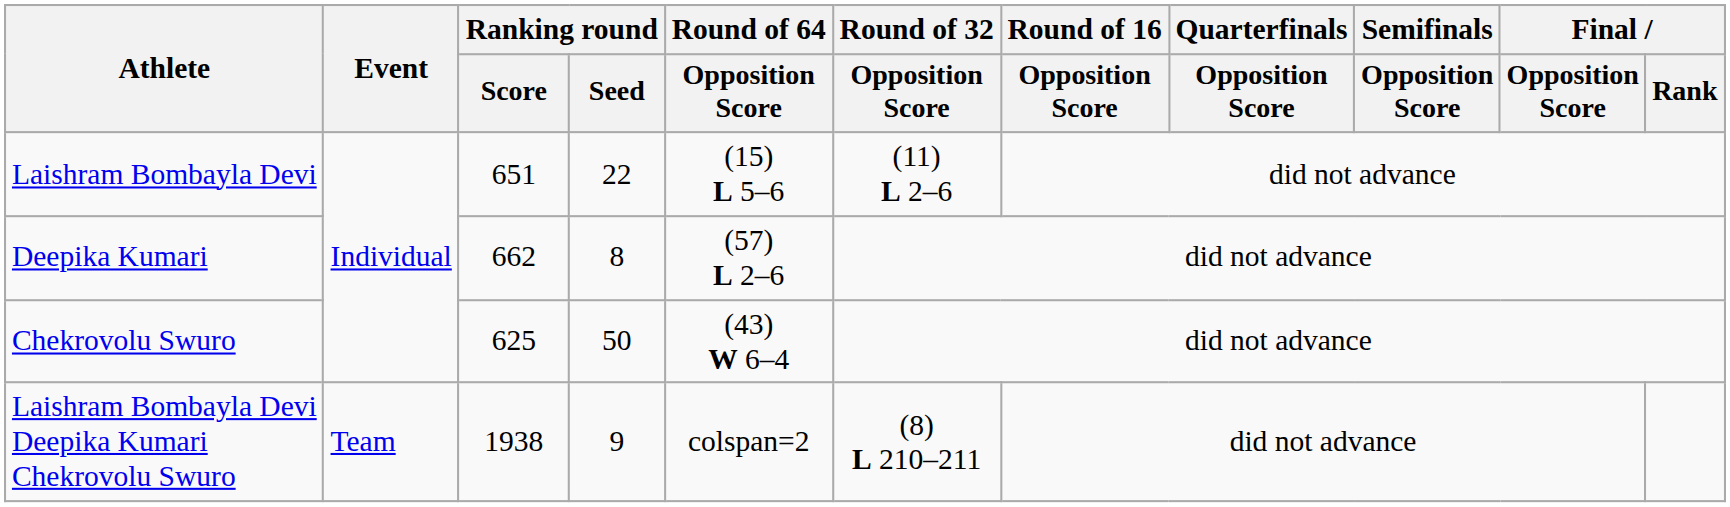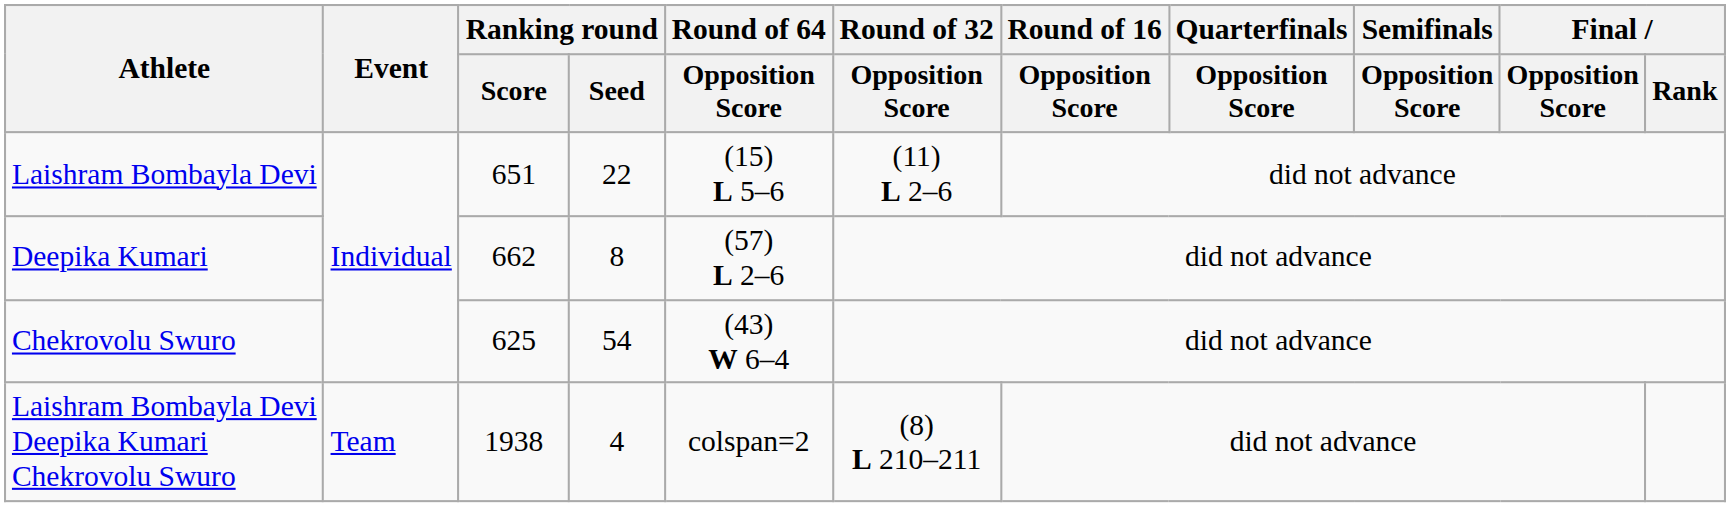 <table class="wikitable" style="font-size:90%">
 <tr>
 <th rowspan=2>Athlete</th>
 <th rowspan=2>Event</th>
 <th colspan="2">Ranking round</th>
 <th>Round of 64</th>
 <th>Round of 32</th>
 <th>Round of 16</th>
 <th>Quarterfinals</th>
 <th>Semifinals</th>
 <th colspan="2">Final / </th>
 </tr>
 <tr style="font-size:95%">
 <th>Score</th>
 <th>Seed</th>
 <th>Opposition<br>Score</th>
 <th>Opposition<br>Score</th>
 <th>Opposition<br>Score</th>
 <th>Opposition<br>Score</th>
 <th>Opposition<br>Score</th>
 <th>Opposition<br>Score</th>
 <th>Rank</th>
 </tr>
 <tr align=center>
 <td align=left><a href='#'>Laishram Bombayla Devi</a></td>
 <td style="text-align:left;" rowspan="3"><a href='#'>Individual</a></td>
 <td>651</td>
 <td>22</td>
 <td> (15) <br><strong>L</strong> 5–6</td>
 <td> (11)<br><strong>L</strong> 2–6</td>
 <td colspan=5>did not advance</td>
 </tr>
 <tr align=center>
 <td align=left><a href='#'>Deepika Kumari</a></td>
 <td>662</td>
 <td>8</td>
 <td> (57) <br><strong>L</strong> 2–6</td>
 <td colspan=6>did not advance</td>
 </tr>
 <tr align=center>
 <td align=left><a href='#'>Chekrovolu Swuro</a></td>
 <td>625</td>
-<td>50</td>
+<td>54</td>
 <td> (43)<br><strong>W</strong> 6–4</td>
 <td colspan=6>did not advance</td>
 </tr>
 <tr align=center>
 <td align=left><a href='#'>Laishram Bombayla Devi</a><br><a href='#'>Deepika Kumari</a><br><a href='#'>Chekrovolu Swuro</a></td>
 <td align=left><a href='#'>Team</a></td>
 <td>1938</td>
-<td>9</td>
+<td>4</td>
 <td>colspan=2 </td>
 <td> (8)<br><strong>L</strong> 210–211</td>
 <td colspan=4>did not advance</td>
 </tr>
 </table>
